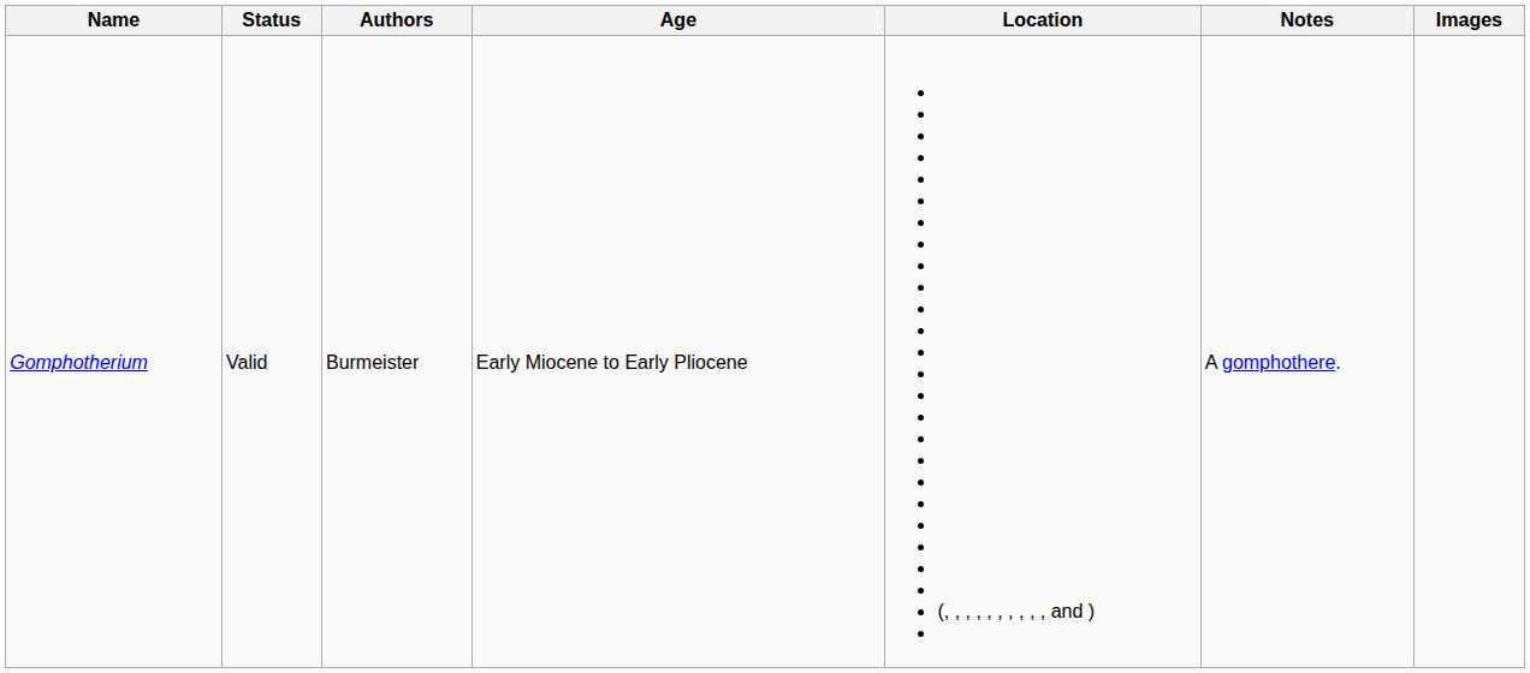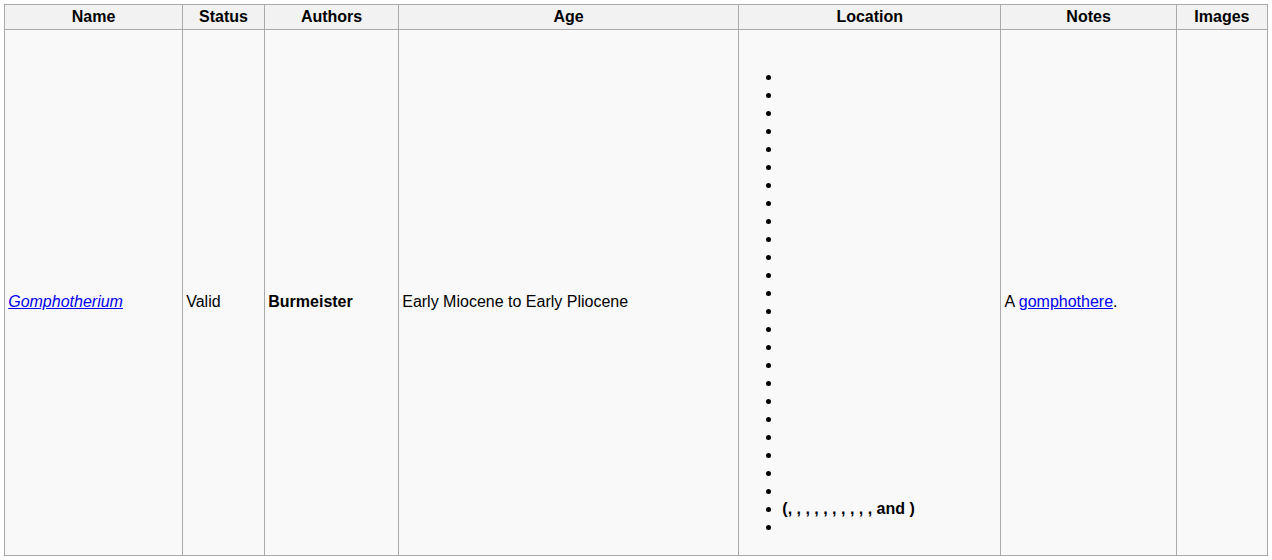 <table class="wikitable sortable" align="center" width="100%">
 <tr>
 <th>Name</th>
 <th>Status</th>
 <th>Authors</th>
 <th>Age</th>
 <th>Location</th>
 <th>Notes</th>
 <th>Images</th>
 </tr>
 <tr>
 <td><br><em><a href='#'>Gomphotherium</a></em></td>
 <td><br>Valid</td>
-<td><br>Burmeister</td>
+<td><strong><br>Burmeister</strong></td>
 <td><br>Early Miocene to Early Pliocene</td>
-<td><br><ul><li></li><li></li><li></li><li></li><li></li><li></li><li></li><li></li><li></li><li></li><li></li><li></li><li></li><li></li><li></li><li></li><li></li><li></li><li></li><li></li><li></li><li></li><li></li><li></li><li> (, , , , , , , , , ,  and )</li><li></li></ul></td>
+<td><strong><br><ul><li></li><li></li><li></li><li></li><li></li><li></li><li></li><li></li><li></li><li></li><li></li><li></li><li></li><li></li><li></li><li></li><li></li><li></li><li></li><li></li><li></li><li></li><li></li><li></li><li> (, , , , , , , , , ,  and )</li><li></li></ul></strong></td>
 <td><br>A <a href='#'>gomphothere</a>.</td>
 <td></td>
 </tr>
 <tr>
 </tr>
 </table>
